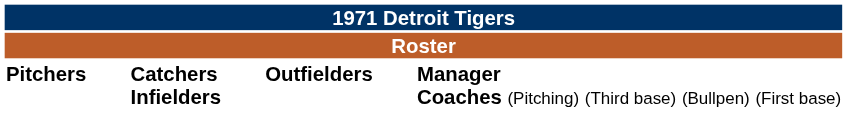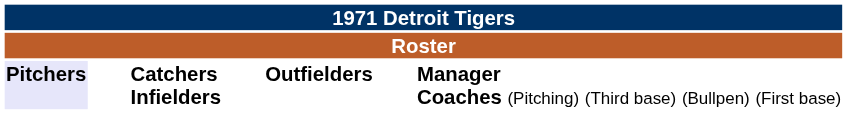 <table class="toccolours" style="font-size: 95%;">
 <tr>
 <th colspan="10" style="background-color: #003366; color: white; text-align: center;">1971 Detroit Tigers</th>
 </tr>
 <tr>
 <td colspan="10" style="background-color: #bd5d29; color: white; text-align: center;"><strong>Roster</strong></td>
 </tr>
 <tr>
-<td valign="top"><strong>Pitchers</strong><br>                 </td>
+<td valign="top" style="background: lavender;"><strong>Pitchers</strong><br>                 </td>
 <td width="25px"></td>
 <td valign="top"><strong>Catchers</strong><br>    <strong>Infielders</strong>         </td>
 <td width="25px"></td>
 <td valign="top"><strong>Outfielders</strong><br>      </td>
 <td width="25px"></td>
 <td valign="top"><strong>Manager</strong><br> <strong>Coaches</strong>  <small>(Pitching)</small>  <small>(Third base)</small>  <small>(Bullpen)</small>  <small>(First base)</small></td>
 </tr>
 <tr>
 </tr>
 </table>
